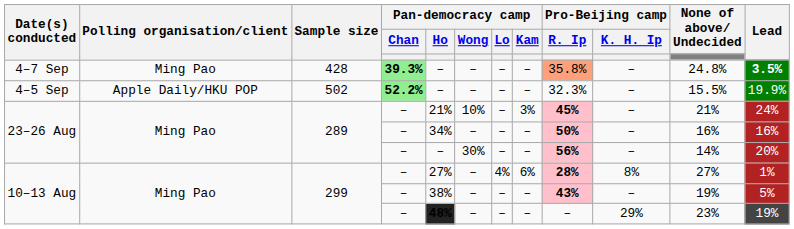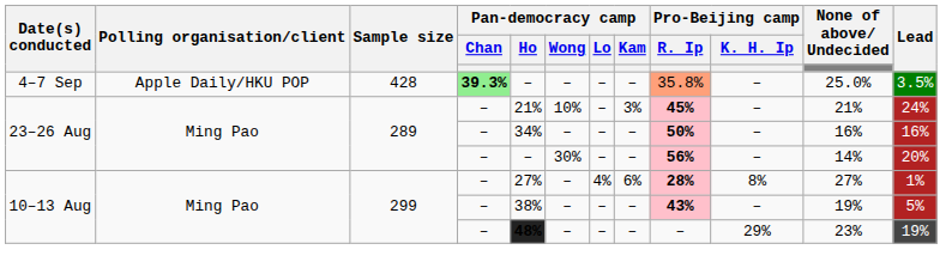 <table class="wikitable sortable" style="text-align:center;font-size:95%;line-height:14px">
 <tr>
 <th rowspan="3">Date(s)<br>conducted</th>
 <th rowspan="3">Polling organisation/client</th>
 <th rowspan="3">Sample size</th>
 <th colspan="5">Pan-democracy camp</th>
 <th colspan="2">Pro-Beijing camp</th>
 <th rowspan="2">None of above/<br>Undecided</th>
 <th rowspan="3">Lead</th>
 </tr>
 <tr>
 <th><a href='#'><span>Chan</span></a></th>
 <th><a href='#'><span>Ho</span></a></th>
 <th><a href='#'><span>Wong</span></a></th>
 <th><a href='#'><span>Lo</span></a></th>
 <th><a href='#'><span>Kam</span></a></th>
 <th><a href='#'><span>R. Ip</span></a></th>
 <th><a href='#'><span>K. H. Ip</span></a></th>
 </tr>
 <tr>
 <th class="unsortable" style="color:inherit;background:"></th>
 <th class="unsortable" style="color:inherit;background:"></th>
 <th class="unsortable" style="color:inherit;background:"></th>
 <th class="unsortable" style="color:inherit;background:"></th>
 <th class="unsortable" style="color:inherit;background:"></th>
 <th class="unsortable" style="color:inherit;background:"></th>
 <th class="unsortable" style="color:inherit;background:"></th>
 <th class="unsortable" style="color:inherit;background:grey; width:60px;"></th>
 </tr>
 <tr>
 <td>4–7 Sep</td>
-<td>Ming Pao</td>
+<td>Apple Daily/HKU POP</td>
 <td>428</td>
 <td style="background:LightGreen"><strong>39.3%</strong></td>
 <td>–</td>
 <td>–</td>
 <td>–</td>
 <td>–</td>
 <td style="background: lightsalmon;">35.8%</td>
 <td>–</td>
-<td>24.8%</td>
-<td style="background:Green; color:white;"><strong>3.5%</strong></td>
-</tr>
-<tr>
-<td>4–5 Sep</td>
-<td>Apple Daily/HKU POP</td>
-<td>502</td>
-<td style="background:LightGreen"><strong>52.2%</strong></td>
-<td>–</td>
-<td>–</td>
-<td>–</td>
-<td>–</td>
-<td>32.3%</td>
-<td>–</td>
-<td>15.5%</td>
-<td style="background:Green; color:white;">19.9%</td>
+<td>25.0%</td>
+<td style="background:Green; color:white;">3.5%</td>
 </tr>
 <tr>
 <td rowspan="3">23–26 Aug</td>
 <td rowspan="3">Ming Pao</td>
 <td rowspan="3">289</td>
 <td>–</td>
 <td>21%</td>
 <td>10%</td>
 <td>–</td>
 <td>3%</td>
 <td style="background:Pink"><strong>45%</strong></td>
 <td>–</td>
 <td>21%</td>
 <td style="background:FireBrick; color:white;">24%</td>
 </tr>
 <tr>
 <td>–</td>
 <td>34%</td>
 <td>–</td>
 <td>–</td>
 <td>–</td>
 <td style="background:Pink"><strong>50%</strong></td>
 <td>–</td>
 <td>16%</td>
 <td style="background:FireBrick; color:white;">16%</td>
 </tr>
 <tr>
 <td>–</td>
 <td>–</td>
 <td>30%</td>
 <td>–</td>
 <td>–</td>
 <td style="background:Pink"><strong>56%</strong></td>
 <td>–</td>
 <td>14%</td>
 <td style="background:FireBrick; color:white;">20%</td>
 </tr>
 <tr>
 <td rowspan="3">10–13 Aug</td>
 <td rowspan="3">Ming Pao</td>
 <td rowspan="3">299</td>
 <td>–</td>
 <td>27%</td>
 <td>–</td>
 <td>4%</td>
 <td>6%</td>
 <td style="background:Pink"><strong>28%</strong></td>
 <td>8%</td>
 <td>27%</td>
 <td style="background:FireBrick; color:white;">1%</td>
 </tr>
 <tr>
 <td>–</td>
 <td>38%</td>
 <td>–</td>
 <td>–</td>
 <td>–</td>
 <td style="background:Pink"><strong>43%</strong></td>
 <td>–</td>
 <td>19%</td>
 <td style="background:FireBrick; color:white;">5%</td>
 </tr>
 <tr>
 <td>–</td>
 <td style="background:#222222"><span><strong>48%</strong></span></td>
 <td>–</td>
 <td>–</td>
 <td>–</td>
 <td>–</td>
 <td>29%</td>
 <td>23%</td>
 <td style="background:#444444; color:white;">19%</td>
 </tr>
 </table>
